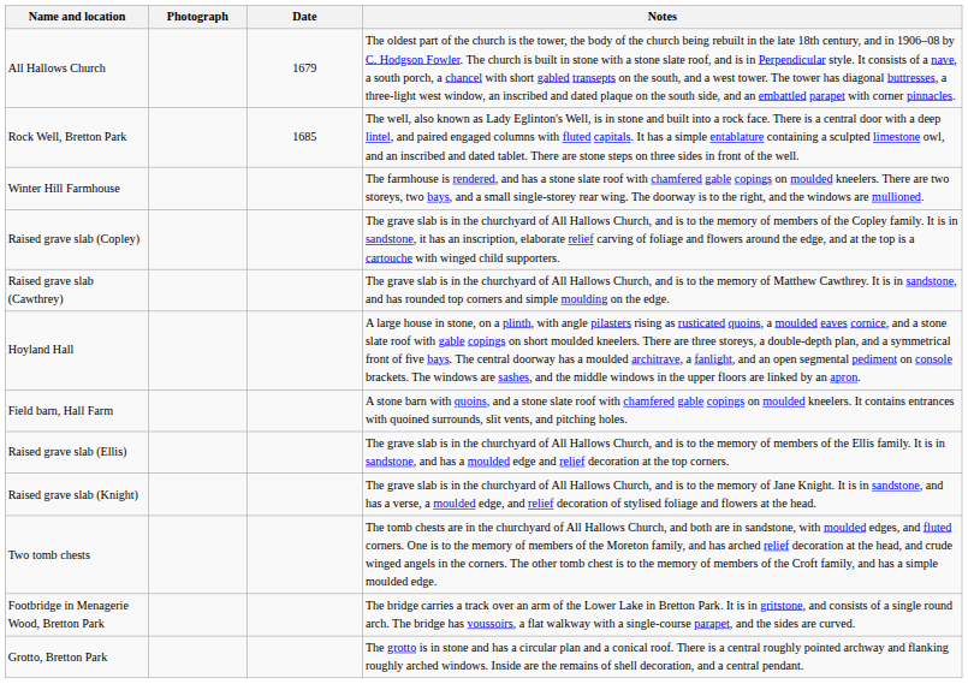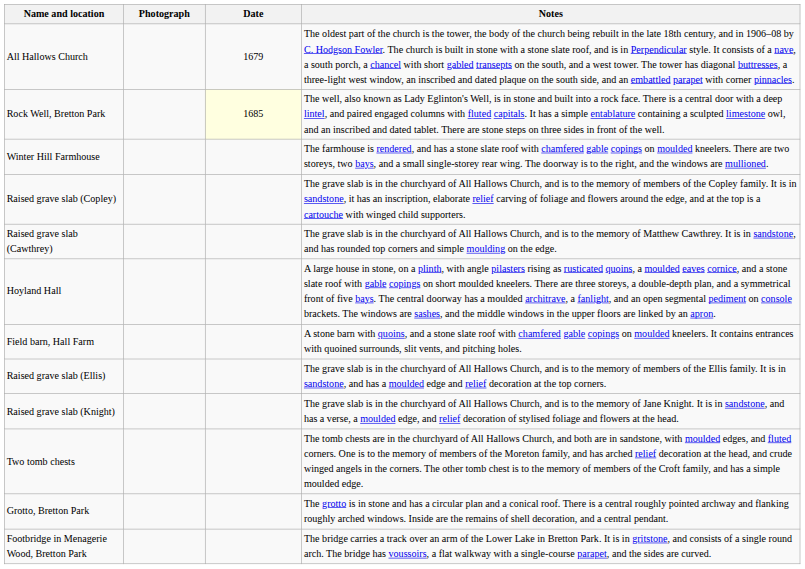 <table class="wikitable sortable plainrowheaders" style="width:100%;border:0px;text-align:left;line-height:150%;">
 <tr>
 <th scope="col"  style="width:150px">Name and location</th>
 <th scope="col"  style="width:100px" class="unsortable">Photograph</th>
 <th scope="col"  style="width:120px">Date</th>
 <th scope="col"  style="width:650px" class="unsortable">Notes</th>
 </tr>
 <tr>
 <td>All Hallows Church<br><small></small></td>
 <td></td>
 <td align="center">1679</td>
 <td>The oldest part of the church is the tower, the body of the church being rebuilt in the late 18th century, and in 1906–08 by <a href='#'>C. Hodgson Fowler</a>.  The church is built in stone with a stone slate roof, and is in <a href='#'>Perpendicular</a> style.  It consists of a <a href='#'>nave</a>, a south porch, a <a href='#'>chancel</a> with short <a href='#'>gabled</a> <a href='#'>transepts</a> on the south, and a west tower.  The tower has diagonal <a href='#'>buttresses</a>, a three-light west window, an inscribed and dated plaque on the south side, and an <a href='#'>embattled</a> <a href='#'>parapet</a> with corner <a href='#'>pinnacles</a>.</td>
 </tr>
 <tr>
 <td>Rock Well, Bretton Park<br><small></small></td>
 <td></td>
-<td align="center">1685</td>
+<td align="center" style="background: lightyellow;">1685</td>
 <td>The well, also known as Lady Eglinton's Well, is in stone and built into a rock face.  There is a central door with a deep <a href='#'>lintel</a>, and paired engaged columns with <a href='#'>fluted</a> <a href='#'>capitals</a>.  It has a simple <a href='#'>entablature</a> containing a sculpted <a href='#'>limestone</a> owl, and an inscribed and dated tablet.  There are stone steps on three sides in front of the well.</td>
 </tr>
 <tr>
 <td>Winter Hill Farmhouse<br><small></small></td>
 <td></td>
 <td align="center"></td>
 <td>The farmhouse is <a href='#'>rendered</a>, and has a stone slate roof with <a href='#'>chamfered</a> <a href='#'>gable</a> <a href='#'>copings</a> on <a href='#'>moulded</a> kneelers.  There are two storeys, two <a href='#'>bays</a>, and a small single-storey rear wing.  The doorway is to the right, and the windows are <a href='#'>mullioned</a>.</td>
 </tr>
 <tr>
 <td>Raised grave slab (Copley)<br><small></small></td>
 <td></td>
 <td align="center"></td>
 <td>The grave slab is in the churchyard of All Hallows Church, and is to the memory of members of the Copley family.  It is in <a href='#'>sandstone</a>, it has an inscription, elaborate <a href='#'>relief</a> carving of foliage and flowers around the edge, and at the top is a <a href='#'>cartouche</a> with winged child supporters.</td>
 </tr>
 <tr>
 <td>Raised grave slab (Cawthrey)<br><small></small></td>
 <td></td>
 <td align="center"></td>
 <td>The grave slab is in the churchyard of All Hallows Church, and is to the memory of Matthew Cawthrey.  It is in <a href='#'>sandstone</a>, and has rounded top corners and simple <a href='#'>moulding</a> on the edge.</td>
 </tr>
 <tr>
 <td>Hoyland Hall<br><small></small></td>
 <td></td>
 <td align="center"></td>
 <td>A large house in stone, on a <a href='#'>plinth</a>, with angle <a href='#'>pilasters</a> rising as <a href='#'>rusticated</a> <a href='#'>quoins</a>, a <a href='#'>moulded</a> <a href='#'>eaves</a> <a href='#'>cornice</a>, and a stone slate roof with <a href='#'>gable</a> <a href='#'>copings</a> on short moulded kneelers.  There are three storeys, a double-depth plan, and a symmetrical front of five <a href='#'>bays</a>.  The central doorway has a moulded <a href='#'>architrave</a>, a <a href='#'>fanlight</a>, and an open segmental <a href='#'>pediment</a> on <a href='#'>console</a> brackets.  The windows are <a href='#'>sashes</a>, and the middle windows in the upper floors are linked by an <a href='#'>apron</a>.</td>
 </tr>
 <tr>
 <td>Field barn, Hall Farm<br><small></small></td>
 <td></td>
 <td align="center"></td>
 <td>A stone barn with <a href='#'>quoins</a>, and a stone slate roof with <a href='#'>chamfered</a> <a href='#'>gable</a> <a href='#'>copings</a> on <a href='#'>moulded</a> kneelers.  It contains entrances with quoined surrounds, slit vents, and pitching holes.</td>
 </tr>
 <tr>
 <td>Raised grave slab (Ellis)<br><small></small></td>
 <td></td>
 <td align="center"></td>
 <td>The grave slab is in the churchyard of All Hallows Church, and is to the memory of members of the Ellis family.  It is in <a href='#'>sandstone</a>, and has a <a href='#'>moulded</a> edge and <a href='#'>relief</a> decoration at the top corners.</td>
 </tr>
 <tr>
 <td>Raised grave slab (Knight)<br><small></small></td>
 <td></td>
 <td align="center"></td>
 <td>The grave slab is in the churchyard of All Hallows Church, and is to the memory of Jane Knight.  It is in <a href='#'>sandstone</a>, and has a verse, a <a href='#'>moulded</a> edge, and <a href='#'>relief</a> decoration of stylised foliage and flowers at the head.</td>
 </tr>
 <tr>
 <td>Two tomb chests<br><small></small></td>
 <td></td>
 <td align="center"></td>
 <td>The tomb chests are in the churchyard of All Hallows Church, and both are in sandstone, with <a href='#'>moulded</a> edges, and <a href='#'>fluted</a> corners.  One is to the memory of members of the Moreton family, and has arched <a href='#'>relief</a> decoration at the head, and crude winged angels in the corners.  The other tomb chest is to the memory of members of the Croft family, and has a simple moulded edge.</td>
 </tr>
 <tr>
+<td>Grotto, Bretton Park<br><small></small></td>
+<td></td>
+<td align="center"></td>
+<td>The <a href='#'>grotto</a> is in stone and has a circular plan and a conical roof.  There is a central roughly pointed archway and flanking roughly arched windows.  Inside are the remains of shell decoration, and a central pendant.</td>
+</tr>
+<tr>
 <td>Footbridge in Menagerie Wood, Bretton Park<br><small></small></td>
 <td></td>
 <td align="center"></td>
 <td>The bridge carries a track over an arm of the Lower Lake in Bretton Park.  It is in <a href='#'>gritstone</a>, and consists of a single round arch.  The bridge has <a href='#'>voussoirs</a>, a flat walkway with a single-course <a href='#'>parapet</a>, and the sides are curved.</td>
 </tr>
 <tr>
-<td>Grotto, Bretton Park<br><small></small></td>
-<td></td>
-<td align="center"></td>
-<td>The <a href='#'>grotto</a> is in stone and has a circular plan and a conical roof.  There is a central roughly pointed archway and flanking roughly arched windows.  Inside are the remains of shell decoration, and a central pendant.</td>
-</tr>
-<tr>
 </tr>
 </table>
